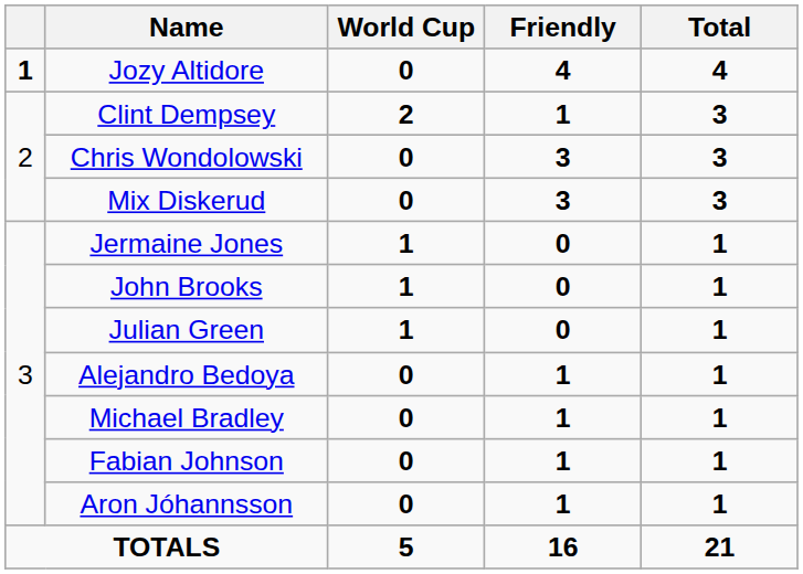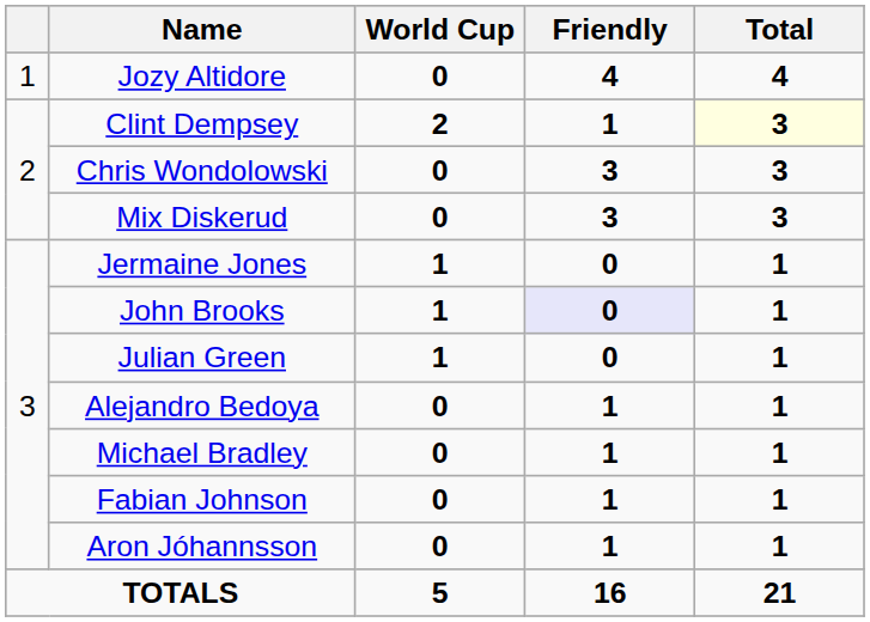 <table class="wikitable sortable" style="font-size: 95%; text-align: center;">
 <tr>
 <th width=15></th>
 <th width=150>Name</th>
 <th width=80>World Cup</th>
 <th width=80>Friendly</th>
 <th width=80>Total</th>
 </tr>
 <tr>
-<td rowspan=1><strong>1</strong></td>
+<td rowspan=1>1</td>
 <td><a href='#'>Jozy Altidore</a></td>
 <td><strong>0</strong></td>
 <td><strong>4</strong></td>
 <td><strong>4</strong></td>
 </tr>
 <tr>
 <td rowspan=3>2</td>
 <td><a href='#'>Clint Dempsey</a></td>
 <td><strong>2</strong></td>
 <td><strong>1</strong></td>
-<td><strong>3</strong></td>
+<td style="background: lightyellow;"><strong>3</strong></td>
 </tr>
 <tr>
 <td><a href='#'>Chris Wondolowski</a></td>
 <td><strong>0</strong></td>
 <td><strong>3</strong></td>
 <td><strong>3</strong></td>
 </tr>
 <tr>
 <td><a href='#'>Mix Diskerud</a></td>
 <td><strong>0</strong></td>
 <td><strong>3</strong></td>
 <td><strong>3</strong></td>
 </tr>
 <tr>
 <td rowspan=7>3</td>
 <td><a href='#'>Jermaine Jones</a></td>
 <td><strong>1</strong></td>
 <td><strong>0</strong></td>
 <td><strong>1</strong></td>
 </tr>
 <tr>
 <td><a href='#'>John Brooks</a></td>
 <td><strong>1</strong></td>
-<td><strong>0</strong></td>
+<td style="background: lavender;"><strong>0</strong></td>
 <td><strong>1</strong></td>
 </tr>
 <tr>
 <td><a href='#'>Julian Green</a></td>
 <td><strong>1</strong></td>
 <td><strong>0</strong></td>
 <td><strong>1</strong></td>
 </tr>
 <tr>
 <td><a href='#'>Alejandro Bedoya</a></td>
 <td><strong>0</strong></td>
 <td><strong>1</strong></td>
 <td><strong>1</strong></td>
 </tr>
 <tr>
 <td><a href='#'>Michael Bradley</a></td>
 <td><strong>0</strong></td>
 <td><strong>1</strong></td>
 <td><strong>1</strong></td>
 </tr>
 <tr>
 <td><a href='#'>Fabian Johnson</a></td>
 <td><strong>0</strong></td>
 <td><strong>1</strong></td>
 <td><strong>1</strong></td>
 </tr>
 <tr>
 <td><a href='#'>Aron Jóhannsson</a></td>
 <td><strong>0</strong></td>
 <td><strong>1</strong></td>
 <td><strong>1</strong></td>
 </tr>
 <tr>
 <td colspan="2"><strong>TOTALS</strong></td>
 <td><strong>5</strong></td>
 <td><strong>16</strong></td>
 <td><strong>21</strong></td>
 </tr>
 </table>
